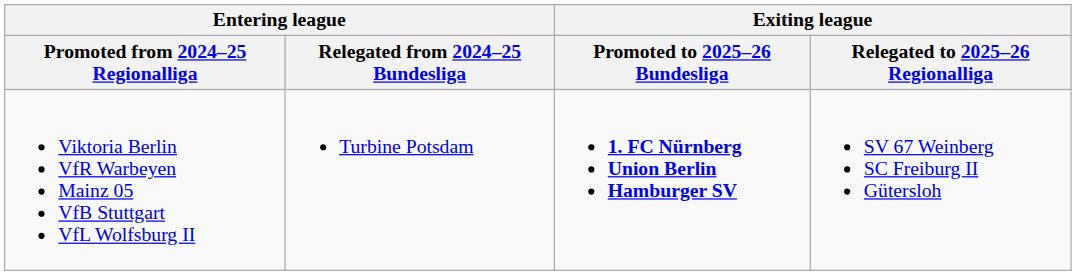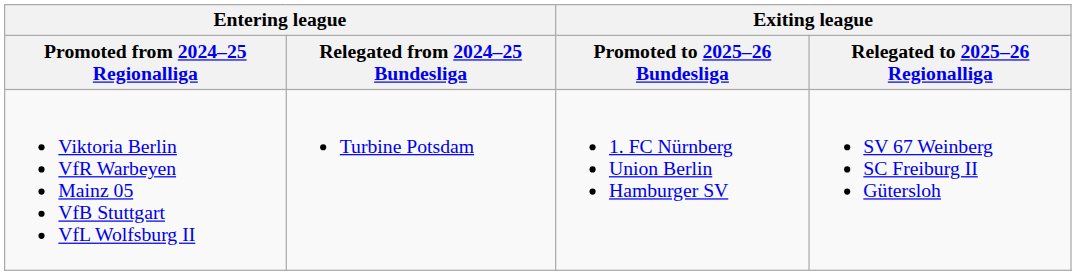 <table class="wikitable">
 <tr>
 <th colspan="2">Entering league</th>
 <th colspan="3">Exiting league</th>
 </tr>
 <tr>
 <th>Promoted from <a href='#'>2024–25 Regionalliga</a></th>
 <th>Relegated from <a href='#'>2024–25 Bundesliga</a></th>
 <th>Promoted to <a href='#'>2025–26 Bundesliga</a></th>
 <th colspan=2>Relegated to <a href='#'>2025–26 Regionalliga</a></th>
 </tr>
 <tr style="vertical-align:top;">
 <td><br><ul><li><a href='#'>Viktoria Berlin</a></li><li><a href='#'>VfR Warbeyen</a></li><li><a href='#'>Mainz 05</a></li><li><a href='#'>VfB Stuttgart</a></li><li><a href='#'>VfL Wolfsburg II</a></li></ul></td>
 <td><br><ul><li><a href='#'>Turbine Potsdam</a></li></ul></td>
-<td><strong><br><ul><li><a href='#'>1. FC Nürnberg</a></li><li><a href='#'>Union Berlin</a></li><li><a href='#'>Hamburger SV</a></li></ul></strong></td>
+<td><br><ul><li><a href='#'>1. FC Nürnberg</a></li><li><a href='#'>Union Berlin</a></li><li><a href='#'>Hamburger SV</a></li></ul></td>
 <td><br><ul><li><a href='#'>SV 67 Weinberg</a></li><li><a href='#'>SC Freiburg II</a></li><li><a href='#'>Gütersloh</a></li></ul></td>
 </tr>
 </table>
